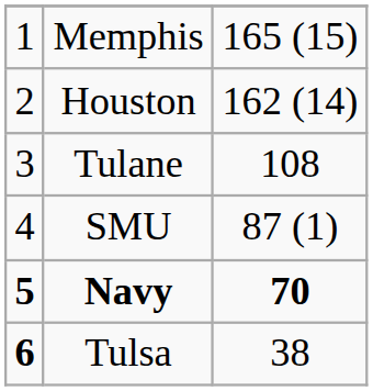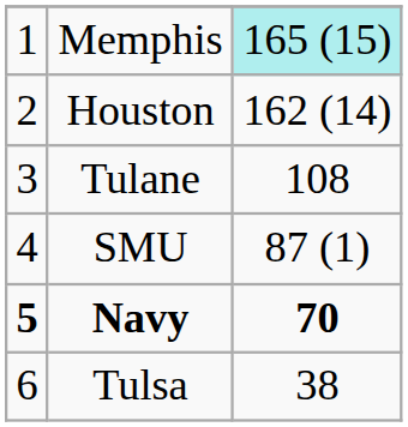 <table class="wikitable" style="display: inline-table;">
 <tr align="center">
 </tr>
 <tr align="center">
 <td>1</td>
 <td>Memphis</td>
-<td>165 (15)</td>
+<td style="background: paleturquoise;">165 (15)</td>
 </tr>
 <tr align="center">
 <td>2</td>
 <td>Houston</td>
 <td>162 (14)</td>
 </tr>
 <tr align="center">
 <td>3</td>
 <td>Tulane</td>
 <td>108</td>
 </tr>
 <tr align="center">
 <td>4</td>
 <td>SMU</td>
 <td>87 (1)</td>
 </tr>
 <tr align="center">
 <td><strong>5</strong></td>
 <td><strong>Navy</strong></td>
 <td><strong>70</strong></td>
 </tr>
 <tr align="center">
-<td><strong>6</strong></td>
+<td>6</td>
 <td>Tulsa</td>
 <td>38</td>
 </tr>
 </table>
